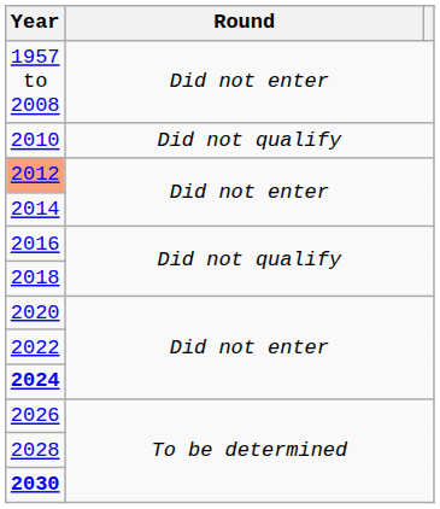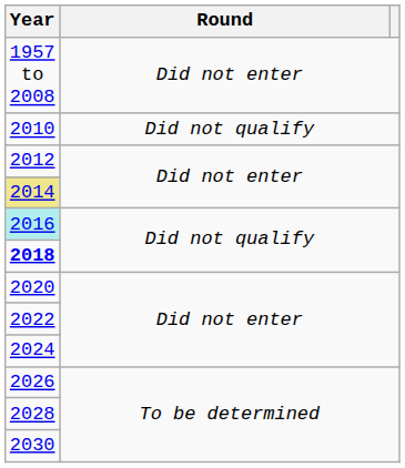 <table class="wikitable" style="text-align: center; font-size:90%">
 <tr>
 <th>Year</th>
 <th style="width:200px">Round</th>
 <th></th>
 </tr>
 <tr>
 <td><a href='#'>1957</a><br>to<br><a href='#'>2008</a></td>
 <td colspan="2"><em>Did not enter</em></td>
 </tr>
 <tr>
 <td><a href='#'>2010</a></td>
 <td colspan="2"><em>Did not qualify</em></td>
 </tr>
 <tr>
-<td style="background: lightsalmon;"><a href='#'>2012</a></td>
+<td><a href='#'>2012</a></td>
 <td colspan="2" rowspan="2"><em>Did not enter</em></td>
 </tr>
 <tr>
-<td><a href='#'>2014</a></td>
+<td style="background: khaki;"><a href='#'>2014</a></td>
 </tr>
 <tr>
-<td><a href='#'>2016</a></td>
+<td style="background: paleturquoise;"><a href='#'>2016</a></td>
 <td colspan="2" rowspan="2"><em>Did not qualify</em></td>
 </tr>
 <tr>
-<td><a href='#'>2018</a></td>
+<td><strong><a href='#'>2018</a></strong></td>
 </tr>
 <tr>
 <td><a href='#'>2020</a></td>
 <td colspan="2" rowspan="3"><em>Did not enter</em></td>
 </tr>
 <tr>
 <td><a href='#'>2022</a></td>
 </tr>
 <tr>
-<td><strong><a href='#'>2024</a></strong></td>
+<td><a href='#'>2024</a></td>
 </tr>
 <tr>
 <td><a href='#'>2026</a></td>
 <td colspan="2" rowspan="3"><em>To be determined</em></td>
 </tr>
 <tr>
 <td><a href='#'>2028</a></td>
 </tr>
 <tr>
-<td><strong><a href='#'>2030</a></strong></td>
+<td><a href='#'>2030</a></td>
 </tr>
 </table>
